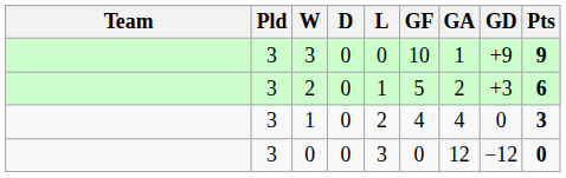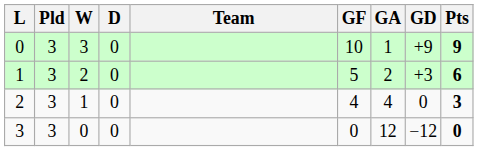 <table class="wikitable" style="text-align:center;">
 <tr>
-<th width=180>Team</th>
+<th width=20>L</th>
 <th width=20>Pld</th>
 <th width=20>W</th>
 <th width=20>D</th>
-<th width=20>L</th>
+<th width=180>Team</th>
 <th width=20>GF</th>
 <th width=20>GA</th>
 <th width=20>GD</th>
 <th width=20>Pts</th>
 </tr>
 <tr bgcolor=#ccffcc>
-<td align="left"></td>
+<td>0</td>
 <td>3</td>
 <td>3</td>
 <td>0</td>
-<td>0</td>
+<td align="left"></td>
 <td>10</td>
 <td>1</td>
 <td>+9</td>
 <td><strong>9</strong></td>
 </tr>
 <tr bgcolor=#ccffcc>
-<td align="left"></td>
+<td>1</td>
 <td>3</td>
 <td>2</td>
 <td>0</td>
-<td>1</td>
+<td align="left"></td>
 <td>5</td>
 <td>2</td>
 <td>+3</td>
 <td><strong>6</strong></td>
 </tr>
 <tr>
-<td align="left"><em></em></td>
+<td>2</td>
 <td>3</td>
 <td>1</td>
 <td>0</td>
-<td>2</td>
+<td align="left"><em></em></td>
 <td>4</td>
 <td>4</td>
 <td>0</td>
 <td><strong>3</strong></td>
 </tr>
 <tr>
-<td align="left"></td>
+<td>3</td>
 <td>3</td>
 <td>0</td>
 <td>0</td>
-<td>3</td>
+<td align="left"></td>
 <td>0</td>
 <td>12</td>
 <td>−12</td>
 <td><strong>0</strong></td>
 </tr>
 </table>
